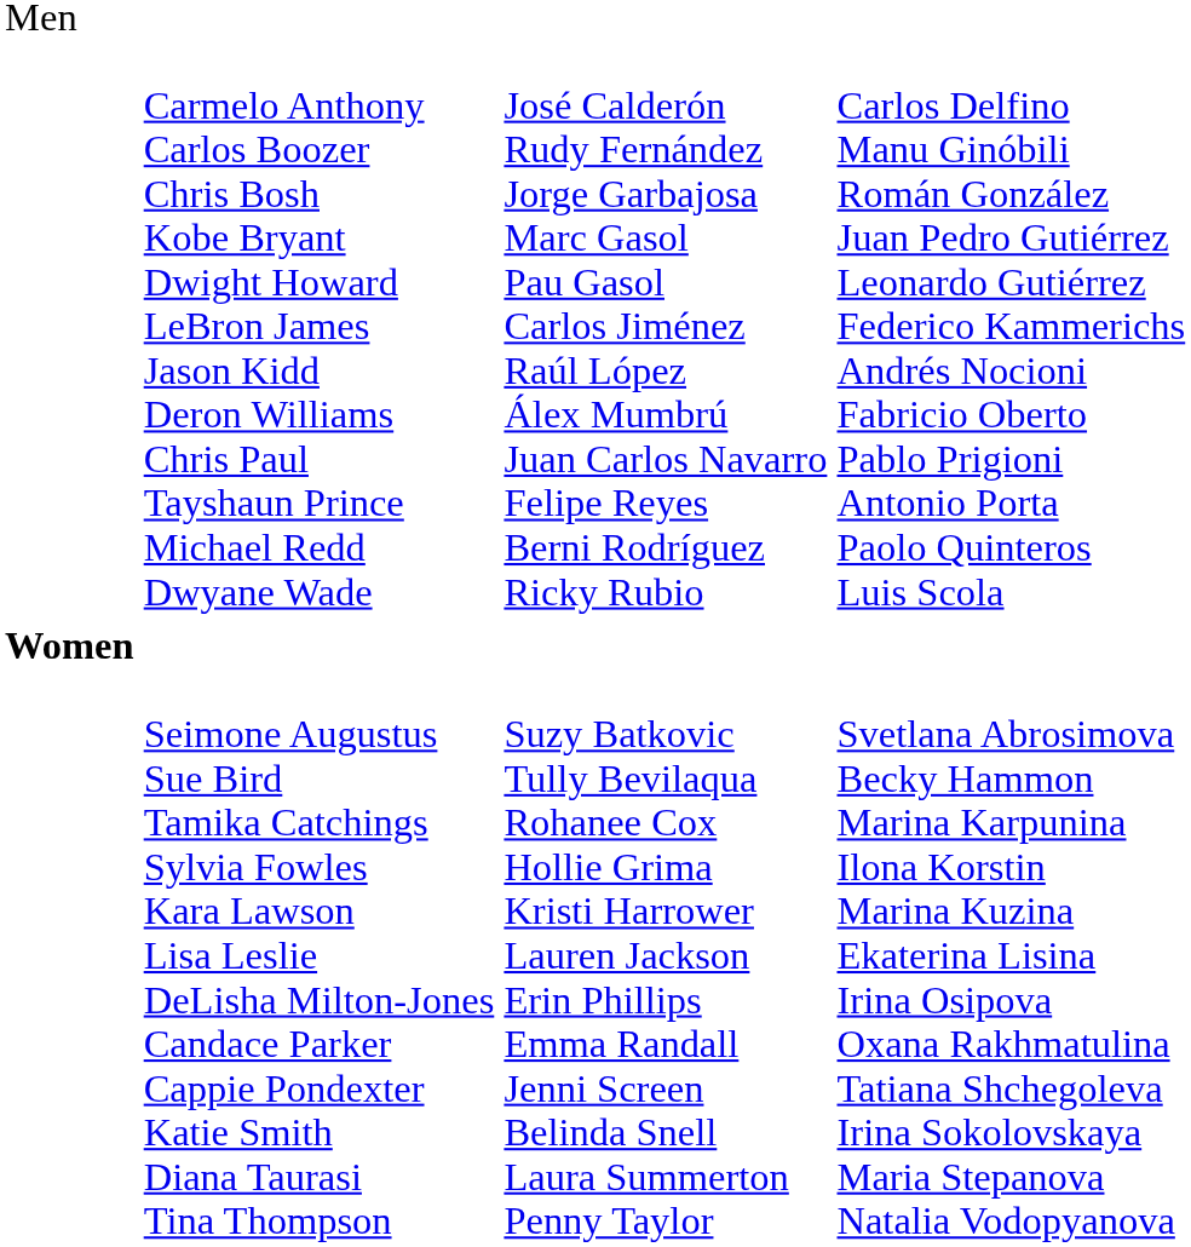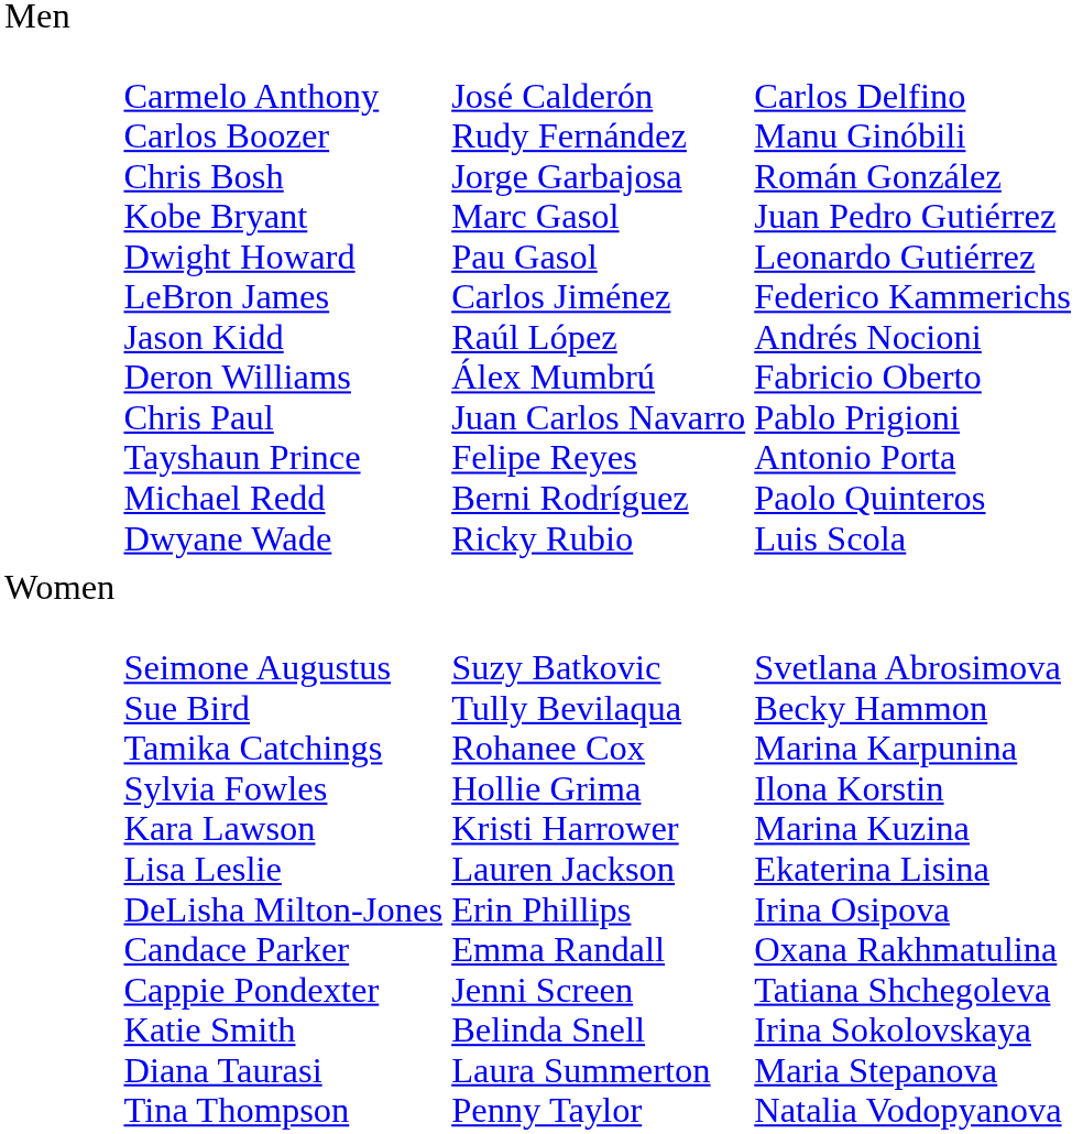 <table>
 <tr valign="top">
 <td>Men <br></td>
 <td><br><br><a href='#'>Carmelo Anthony</a><br> <a href='#'>Carlos Boozer</a><br> <a href='#'>Chris Bosh</a><br> <a href='#'>Kobe Bryant</a><br> <a href='#'>Dwight Howard</a><br> <a href='#'>LeBron James</a><br> <a href='#'>Jason Kidd</a><br> <a href='#'>Deron Williams</a><br> <a href='#'>Chris Paul</a><br> <a href='#'>Tayshaun Prince</a><br> <a href='#'>Michael Redd</a><br> <a href='#'>Dwyane Wade</a><br></td>
 <td><br><br><a href='#'>José Calderón</a><br> <a href='#'>Rudy Fernández</a><br> <a href='#'>Jorge Garbajosa</a><br> <a href='#'>Marc Gasol</a><br> <a href='#'>Pau Gasol</a><br> <a href='#'>Carlos Jiménez</a><br> <a href='#'>Raúl López</a><br> <a href='#'>Álex Mumbrú</a><br> <a href='#'>Juan Carlos Navarro</a><br> <a href='#'>Felipe Reyes</a><br> <a href='#'>Berni Rodríguez</a><br> <a href='#'>Ricky Rubio</a><br></td>
 <td><br><br><a href='#'>Carlos Delfino</a><br> <a href='#'>Manu Ginóbili</a><br> <a href='#'>Román González</a><br> <a href='#'>Juan Pedro Gutiérrez</a><br> <a href='#'>Leonardo Gutiérrez</a><br> <a href='#'>Federico Kammerichs</a><br> <a href='#'>Andrés Nocioni</a><br> <a href='#'>Fabricio Oberto</a><br> <a href='#'>Pablo Prigioni</a><br> <a href='#'>Antonio Porta</a><br> <a href='#'>Paolo Quinteros</a><br> <a href='#'>Luis Scola</a><br></td>
 </tr>
 <tr valign="top">
-<td><strong>Women <br></strong></td>
+<td>Women <br></td>
 <td><br><br><a href='#'>Seimone Augustus</a><br> <a href='#'>Sue Bird</a><br> <a href='#'>Tamika Catchings</a><br> <a href='#'>Sylvia Fowles</a><br> <a href='#'>Kara Lawson</a><br> <a href='#'>Lisa Leslie</a><br> <a href='#'>DeLisha Milton-Jones</a><br> <a href='#'>Candace Parker</a><br> <a href='#'>Cappie Pondexter</a><br> <a href='#'>Katie Smith</a><br> <a href='#'>Diana Taurasi</a><br> <a href='#'>Tina Thompson</a><br></td>
 <td><br><br><a href='#'>Suzy Batkovic</a><br> <a href='#'>Tully Bevilaqua</a><br> <a href='#'>Rohanee Cox</a><br> <a href='#'>Hollie Grima</a><br> <a href='#'>Kristi Harrower</a><br> <a href='#'>Lauren Jackson</a><br> <a href='#'>Erin Phillips</a><br> <a href='#'>Emma Randall</a><br> <a href='#'>Jenni Screen</a><br> <a href='#'>Belinda Snell</a><br> <a href='#'>Laura Summerton</a><br> <a href='#'>Penny Taylor</a><br></td>
 <td><br><br><a href='#'>Svetlana Abrosimova</a><br> <a href='#'>Becky Hammon</a><br> <a href='#'>Marina Karpunina</a><br> <a href='#'>Ilona Korstin</a><br> <a href='#'>Marina Kuzina</a><br> <a href='#'>Ekaterina Lisina</a><br> <a href='#'>Irina Osipova</a><br> <a href='#'>Oxana Rakhmatulina</a><br> <a href='#'>Tatiana Shchegoleva</a><br> <a href='#'>Irina Sokolovskaya</a><br> <a href='#'>Maria Stepanova</a><br> <a href='#'>Natalia Vodopyanova</a><br></td>
 </tr>
 </table>
